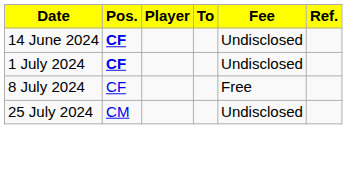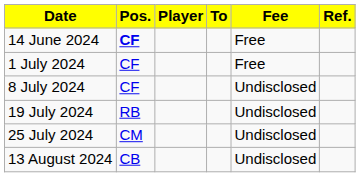 <table class="wikitable plainrowheaders sortable">
 <tr>
 <th style="background:yellow;">Date</th>
 <th style="background:yellow;">Pos.</th>
 <th style="background:yellow;">Player</th>
 <th style="background:yellow;">To</th>
 <th style="background:yellow;">Fee</th>
 <th style="background:yellow;">Ref.</th>
 </tr>
 <tr>
 <td>14 June 2024</td>
 <td><strong><a href='#'>CF</a></strong></td>
 <td></td>
 <td></td>
-<td>Undisclosed</td>
+<td>Free</td>
 <td></td>
 </tr>
 <tr>
 <td>1 July 2024</td>
-<td><strong><a href='#'>CF</a></strong></td>
+<td><a href='#'>CF</a></td>
 <td></td>
 <td></td>
-<td>Undisclosed</td>
+<td>Free</td>
 <td></td>
 </tr>
 <tr>
 <td>8 July 2024</td>
 <td><a href='#'>CF</a></td>
 <td></td>
 <td></td>
-<td>Free</td>
+<td>Undisclosed</td>
+<td></td>
+</tr>
+<tr>
+<td>19 July 2024</td>
+<td><a href='#'>RB</a></td>
+<td></td>
+<td></td>
+<td>Undisclosed</td>
 <td></td>
 </tr>
 <tr>
 <td>25 July 2024</td>
 <td><a href='#'>CM</a></td>
 <td></td>
 <td></td>
 <td>Undisclosed</td>
 <td></td>
 </tr>
+<tr>
+<td>13 August 2024</td>
+<td><a href='#'>CB</a></td>
+<td></td>
+<td></td>
+<td>Undisclosed</td>
+<td></td>
+</tr>
 </table>
